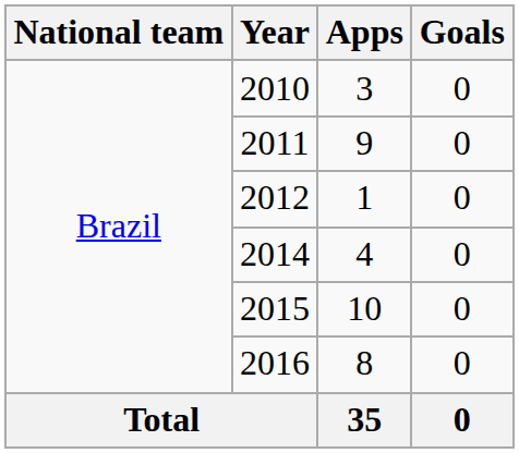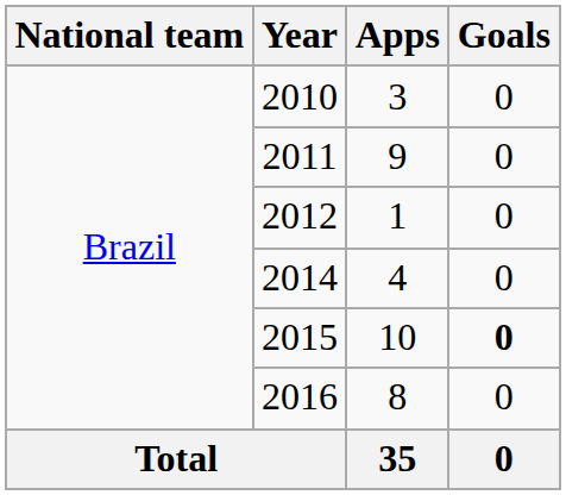 <table class="wikitable" style="text-align:center">
 <tr>
 <th>National team</th>
 <th>Year</th>
 <th>Apps</th>
 <th>Goals</th>
 </tr>
 <tr>
 <td rowspan="7"><a href='#'>Brazil</a></td>
 </tr>
 <tr>
 <td>2010</td>
 <td>3</td>
 <td>0</td>
 </tr>
 <tr>
 <td>2011</td>
 <td>9</td>
 <td>0</td>
 </tr>
 <tr>
 <td>2012</td>
 <td>1</td>
 <td>0</td>
 </tr>
 <tr>
 <td>2014</td>
 <td>4</td>
 <td>0</td>
 </tr>
 <tr>
 <td>2015</td>
 <td>10</td>
-<td>0</td>
+<td><strong>0</strong></td>
 </tr>
 <tr>
 <td>2016</td>
 <td>8</td>
 <td>0</td>
 </tr>
 <tr>
 <th colspan="2">Total</th>
 <th>35</th>
 <th>0</th>
 </tr>
 </table>
